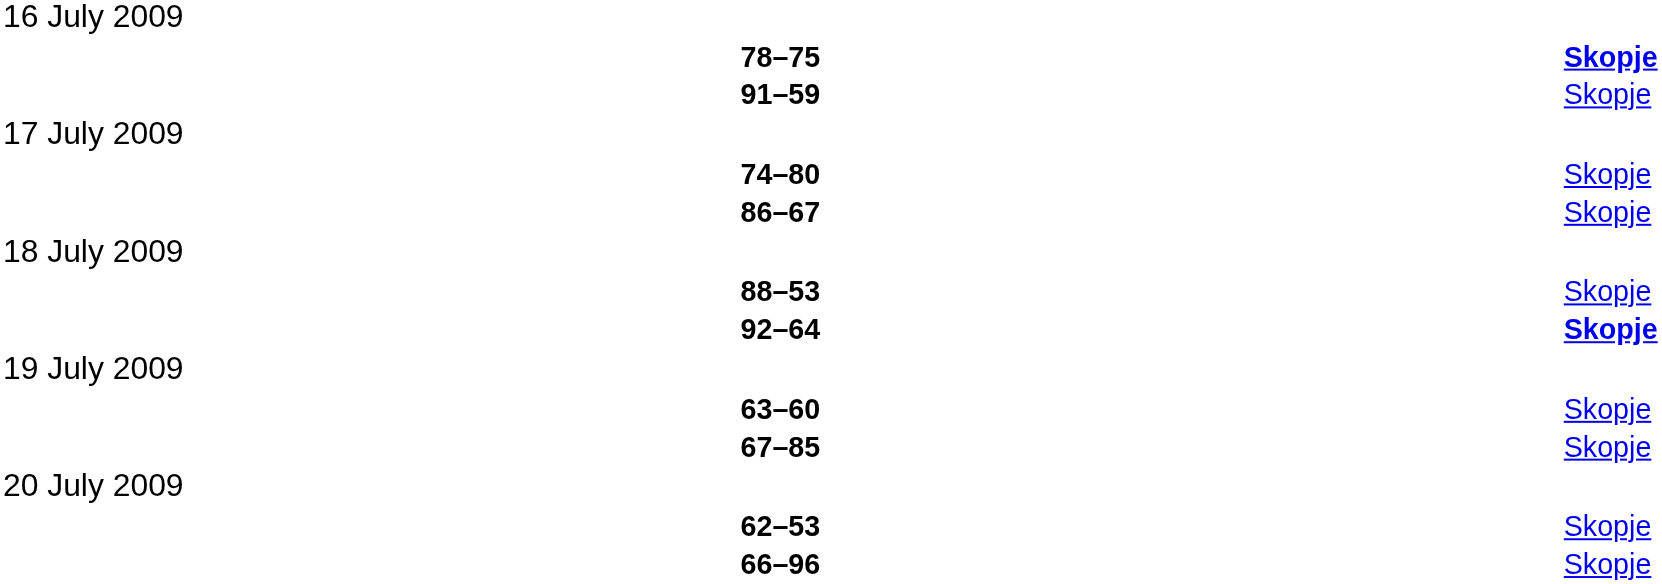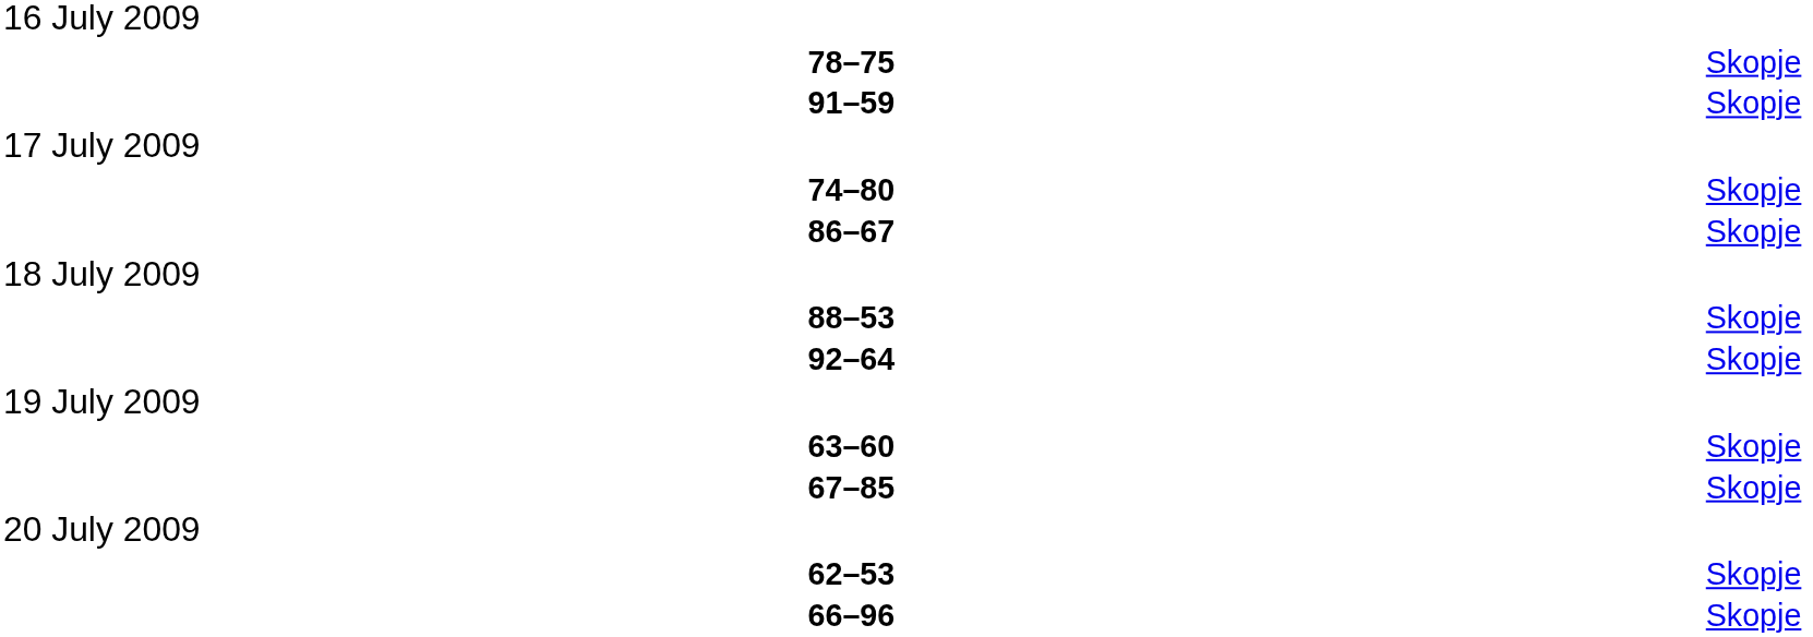 <table style="width:100%;" cellspacing="1">
 <tr>
 <th width=25%></th>
 <th width=3%></th>
 <th width=6%></th>
 <th width=3%></th>
 <th width=25%></th>
 </tr>
 <tr>
 <td>16 July 2009</td>
 </tr>
 <tr style=font-size:90%>
 <td align=right><strong></strong></td>
 <td></td>
 <td align=center><strong>78–75</strong></td>
 <td></td>
 <td><strong></strong></td>
-<td><strong><a href='#'>Skopje</a></strong></td>
+<td><a href='#'>Skopje</a></td>
 </tr>
 <tr style=font-size:90%>
 <td align=right><strong></strong></td>
 <td></td>
 <td align=center><strong>91–59</strong></td>
 <td></td>
 <td><strong></strong></td>
 <td><a href='#'>Skopje</a></td>
 </tr>
 <tr>
 <td>17 July 2009</td>
 </tr>
 <tr style=font-size:90%>
 <td align=right><strong></strong></td>
 <td></td>
 <td align=center><strong>74–80</strong></td>
 <td></td>
 <td><strong></strong></td>
 <td><a href='#'>Skopje</a></td>
 </tr>
 <tr style=font-size:90%>
 <td align=right><strong></strong></td>
 <td></td>
 <td align=center><strong>86–67</strong></td>
 <td></td>
 <td><strong></strong></td>
 <td><a href='#'>Skopje</a></td>
 </tr>
 <tr>
 <td>18 July 2009</td>
 </tr>
 <tr style=font-size:90%>
 <td align=right><strong></strong></td>
 <td></td>
 <td align=center><strong>88–53</strong></td>
 <td></td>
 <td><strong></strong></td>
 <td><a href='#'>Skopje</a></td>
 </tr>
 <tr style=font-size:90%>
 <td align=right><strong></strong></td>
 <td></td>
 <td align=center><strong>92–64</strong></td>
 <td></td>
 <td><strong></strong></td>
-<td><strong><a href='#'>Skopje</a></strong></td>
+<td><a href='#'>Skopje</a></td>
 </tr>
 <tr>
 <td>19 July 2009</td>
 </tr>
 <tr style=font-size:90%>
 <td align=right><strong></strong></td>
 <td></td>
 <td align=center><strong>63–60</strong></td>
 <td></td>
 <td><strong></strong></td>
 <td><a href='#'>Skopje</a></td>
 </tr>
 <tr style=font-size:90%>
 <td align=right><strong></strong></td>
 <td></td>
 <td align=center><strong>67–85</strong></td>
 <td></td>
 <td><strong></strong></td>
 <td><a href='#'>Skopje</a></td>
 </tr>
 <tr>
 <td>20 July 2009</td>
 </tr>
 <tr style=font-size:90%>
 <td align=right><strong></strong></td>
 <td></td>
 <td align=center><strong>62–53</strong></td>
 <td></td>
 <td><strong></strong></td>
 <td><a href='#'>Skopje</a></td>
 </tr>
 <tr style=font-size:90%>
 <td align=right><strong></strong></td>
 <td></td>
 <td align=center><strong>66–96</strong></td>
 <td></td>
 <td><strong></strong></td>
 <td><a href='#'>Skopje</a></td>
 </tr>
 </table>
